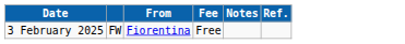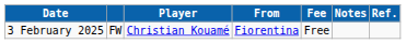 <table class="wikitable">
 <tr>
 <th style="background:#0962AB;color:white">Date</th>
 <th style="background:#0962AB;color:white"></th>
+<th style="background:#0962AB;color:white">Player</th>
 <th style="background:#0962AB;color:white">From</th>
 <th style="background:#0962AB;color:white">Fee</th>
 <th style="background:#0962AB;color:white">Notes</th>
 <th style="background:#0962AB;color:white">Ref.</th>
 </tr>
 <tr>
 <td>3 February 2025</td>
 <td>FW</td>
+<td> <a href='#'>Christian Kouamé</a></td>
 <td> <a href='#'>Fiorentina</a></td>
 <td>Free</td>
 <td></td>
 <td></td>
 </tr>
 </table>
